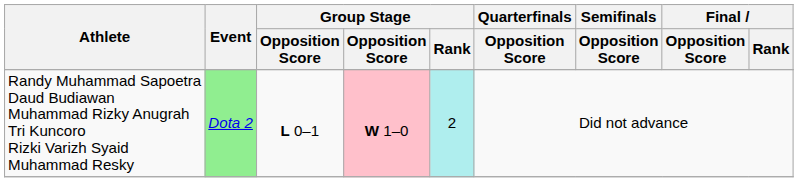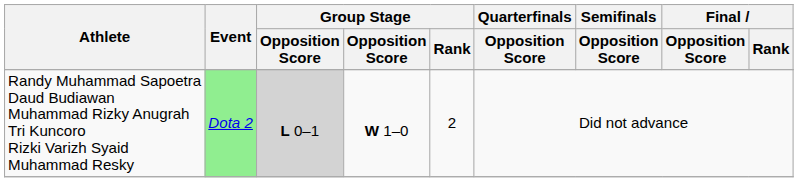 <table class=wikitable style="text-align:center; font-size:90%">
 <tr>
 <th rowspan=2>Athlete</th>
 <th rowspan=2>Event</th>
 <th colspan=3>Group Stage</th>
 <th>Quarterfinals</th>
 <th>Semifinals</th>
 <th colspan=2>Final / </th>
 </tr>
 <tr>
 <th>Opposition<br>Score</th>
 <th>Opposition<br>Score</th>
 <th>Rank</th>
 <th>Opposition<br>Score</th>
 <th>Opposition<br>Score</th>
 <th>Opposition<br>Score</th>
 <th>Rank</th>
 </tr>
 <tr>
 </tr>
 <tr>
 <td align=left>Randy Muhammad Sapoetra<br>Daud Budiawan<br>Muhammad Rizky Anugrah<br>Tri Kuncoro<br>Rizki Varizh Syaid<br>Muhammad Resky</td>
 <td style="background: lightgreen;"><em><a href='#'>Dota 2</a></em></td>
-<td><br><strong>L</strong> 0–1</td>
-<td style="background: pink;"><br><strong>W</strong> 1–0</td>
-<td style="background: paleturquoise;">2</td>
+<td style="background: lightgrey;"><br><strong>L</strong> 0–1</td>
+<td><br><strong>W</strong> 1–0</td>
+<td>2</td>
 <td colspan="4">Did not advance</td>
 </tr>
 <tr>
 </tr>
 </table>
